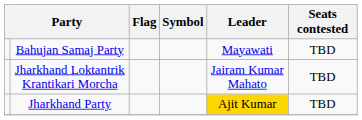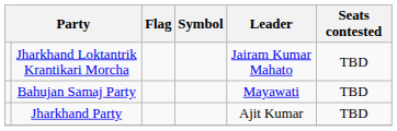 <table class="wikitable" width="50%" style="text-align:center;">
 <tr>
 <th colspan="2">Party</th>
 <th>Flag</th>
 <th>Symbol</th>
 <th>Leader</th>
 <th>Seats contested</th>
+</tr>
+<tr>
+<td></td>
+<td><a href='#'>Jharkhand Loktantrik Krantikari Morcha</a></td>
+<td></td>
+<td></td>
+<td><a href='#'>Jairam Kumar Mahato</a></td>
+<td>TBD</td>
 </tr>
 <tr>
 <td></td>
 <td><a href='#'>Bahujan Samaj Party</a></td>
 <td></td>
 <td></td>
 <td><a href='#'>Mayawati</a></td>
 <td>TBD</td>
 </tr>
 <tr>
 <td></td>
-<td><a href='#'>Jharkhand Loktantrik Krantikari Morcha</a></td>
-<td></td>
-<td></td>
-<td><a href='#'>Jairam Kumar Mahato</a></td>
-<td>TBD</td>
-</tr>
-<tr>
-<td></td>
 <td><a href='#'>Jharkhand Party</a></td>
 <td></td>
 <td></td>
-<td style="background: gold;">Ajit Kumar</td>
+<td>Ajit Kumar</td>
 <td>TBD</td>
 </tr>
 <tr>
 </tr>
 </table>
